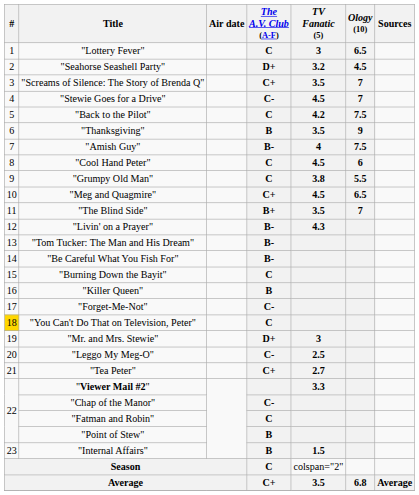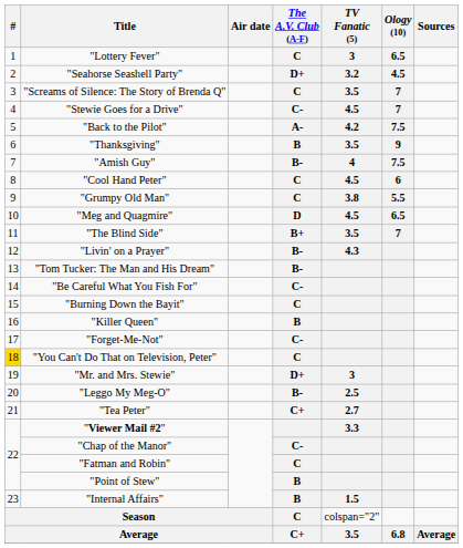 <table class="wikitable sortable" style="text-align:center;">
 <tr>
 <th>#</th>
 <th>Title</th>
 <th>Air date</th>
 <th><em><a href='#'>The<br>A.V. Club</a></em><br><small>(<a href='#'>A-F</a>)</small></th>
 <th><em>TV<br>Fanatic</em><br><small>(5)</small></th>
 <th><em>Ology</em><br><small>(10)</small></th>
 <th>Sources</th>
 </tr>
 <tr>
 <td>1</td>
 <td>"Lottery Fever"</td>
 <td></td>
 <th>C</th>
 <th>3</th>
 <th>6.5</th>
 <td></td>
 </tr>
 <tr>
 <td>2</td>
 <td>"Seahorse Seashell Party"</td>
 <td></td>
 <th>D+</th>
 <th>3.2</th>
 <th>4.5</th>
 <td></td>
 </tr>
 <tr>
 <td>3</td>
 <td>"Screams of Silence: The Story of Brenda Q"</td>
 <td></td>
-<th>C+</th>
+<th>C</th>
 <th>3.5</th>
 <th>7</th>
 <td></td>
 </tr>
 <tr>
 <td>4</td>
 <td>"Stewie Goes for a Drive"</td>
 <td></td>
 <th>C-</th>
 <th>4.5</th>
 <th>7</th>
 <td></td>
 </tr>
 <tr>
 <td>5</td>
 <td>"Back to the Pilot"</td>
 <td></td>
-<th>C</th>
+<th>A-</th>
 <th>4.2</th>
 <th>7.5</th>
 <td></td>
 </tr>
 <tr>
 <td>6</td>
 <td>"Thanksgiving"</td>
 <td></td>
 <th>B</th>
 <th>3.5</th>
 <th>9</th>
 <td></td>
 </tr>
 <tr>
 <td>7</td>
 <td>"Amish Guy"</td>
 <td></td>
 <th>B-</th>
 <th>4</th>
 <th>7.5</th>
 <td></td>
 </tr>
 <tr>
 <td>8</td>
 <td>"Cool Hand Peter"</td>
 <td></td>
 <th>C</th>
 <th>4.5</th>
 <th>6</th>
 <td></td>
 </tr>
 <tr>
 <td>9</td>
 <td>"Grumpy Old Man"</td>
 <td></td>
 <th>C</th>
 <th>3.8</th>
 <th>5.5</th>
 <td></td>
 </tr>
 <tr>
 <td>10</td>
 <td>"Meg and Quagmire"</td>
 <td></td>
-<th>C+</th>
+<th>D</th>
 <th>4.5</th>
 <th>6.5</th>
 <td></td>
 </tr>
 <tr>
 <td>11</td>
 <td>"The Blind Side"</td>
 <td></td>
 <th>B+</th>
 <th>3.5</th>
 <th>7</th>
 <td></td>
 </tr>
 <tr>
 <td>12</td>
 <td>"Livin' on a Prayer"</td>
 <td></td>
 <th>B-</th>
 <th>4.3</th>
 <th></th>
 <td></td>
 </tr>
 <tr>
 <td>13</td>
 <td>"Tom Tucker: The Man and His Dream"</td>
 <td></td>
 <th>B-</th>
 <th></th>
 <th></th>
 <td></td>
 </tr>
 <tr>
 <td>14</td>
 <td>"Be Careful What You Fish For"</td>
 <td></td>
-<th>B-</th>
+<th>C-</th>
 <th></th>
 <th></th>
 <td></td>
 </tr>
 <tr>
 <td>15</td>
 <td>"Burning Down the Bayit"</td>
 <td></td>
 <th>C</th>
 <th></th>
 <th></th>
 <td></td>
 </tr>
 <tr>
 <td>16</td>
 <td>"Killer Queen"</td>
 <td></td>
 <th>B</th>
 <th></th>
 <th></th>
 <td></td>
 </tr>
 <tr>
 <td>17</td>
 <td>"Forget-Me-Not"</td>
 <td></td>
 <th>C-</th>
 <th></th>
 <th></th>
 <td></td>
 </tr>
 <tr>
 <td style="background: gold;">18</td>
 <td>"You Can't Do That on Television, Peter"</td>
 <td></td>
 <th>C</th>
 <th></th>
 <th></th>
 <td></td>
 </tr>
 <tr>
 <td>19</td>
 <td>"Mr. and Mrs. Stewie"</td>
 <td></td>
 <th>D+</th>
 <th>3</th>
 <th></th>
 <td></td>
 </tr>
 <tr>
 <td>20</td>
 <td>"Leggo My Meg-O"</td>
 <td></td>
-<th>C-</th>
+<th>B-</th>
 <th>2.5</th>
 <th></th>
 <td></td>
 </tr>
 <tr>
 <td>21</td>
 <td>"Tea Peter"</td>
 <td></td>
 <th>C+</th>
 <th>2.7</th>
 <th></th>
 <td></td>
 </tr>
 <tr>
 <td rowspan="4">22</td>
 <td>"<strong>Viewer Mail #2</strong>"</td>
 <td rowspan="5"></td>
 <th></th>
 <th>3.3</th>
 <th></th>
 <td></td>
 </tr>
 <tr>
 <td>"Chap of the Manor"</td>
 <th>C-</th>
 <th></th>
 <th></th>
 <td></td>
 </tr>
 <tr>
 <td>"Fatman and Robin"</td>
 <th>C</th>
 <th></th>
 <th></th>
 <td></td>
 </tr>
 <tr>
 <td>"Point of Stew"</td>
 <th>B</th>
 <th></th>
 <th></th>
 <td></td>
 </tr>
 <tr>
 <td>23</td>
 <td>"Internal Affairs"</td>
 <th>B</th>
 <th>1.5</th>
 <th></th>
 <td></td>
 </tr>
 <tr>
 <th colspan="3">Season</th>
 <th>C</th>
 <td>colspan="2" </td>
 <td></td>
 </tr>
 <tr>
 <th colspan="3">Average</th>
 <th>C+</th>
 <th>3.5</th>
 <th>6.8</th>
 <th>Average</th>
 </tr>
 <tr>
 </tr>
 </table>
